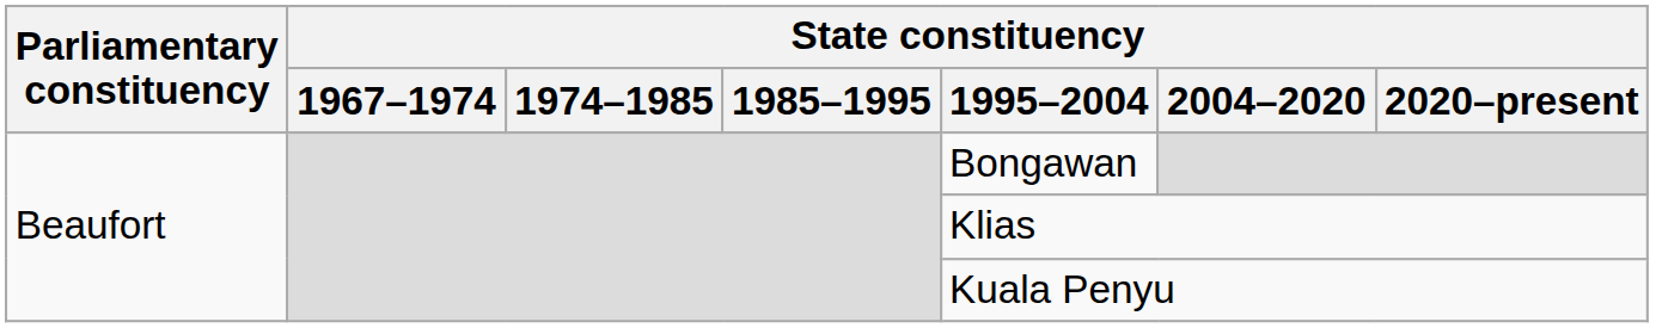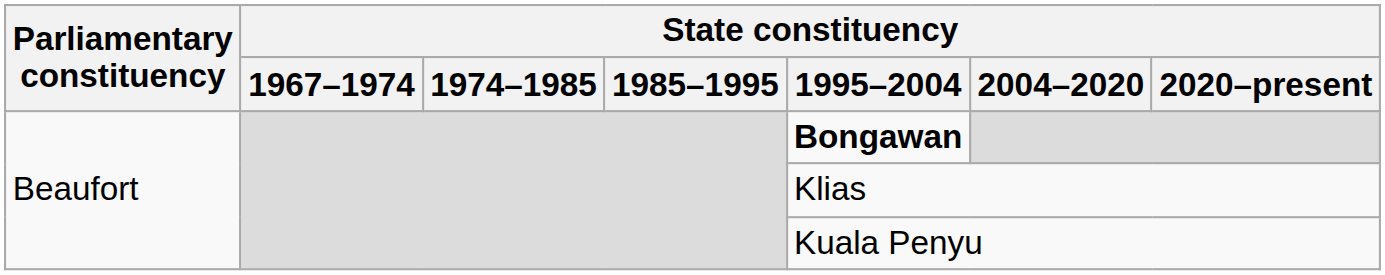 <table class=wikitable>
 <tr>
 <th rowspan=2>Parliamentary<br>constituency</th>
 <th colspan=6>State constituency</th>
 </tr>
 <tr>
 <th>1967–1974</th>
 <th>1974–1985</th>
 <th>1985–1995</th>
 <th>1995–2004</th>
 <th>2004–2020</th>
 <th>2020–present</th>
 </tr>
 <tr>
 <td rowspan=3>Beaufort</td>
 <td rowspan=3 colspan=3 bgcolor=dcdcdc></td>
-<td>Bongawan</td>
+<td><strong>Bongawan</strong></td>
 <td colspan=2 bgcolor=dcdcdc></td>
 </tr>
 <tr>
 <td colspan=3>Klias</td>
 </tr>
 <tr>
 <td colspan=3>Kuala Penyu</td>
 </tr>
 </table>
